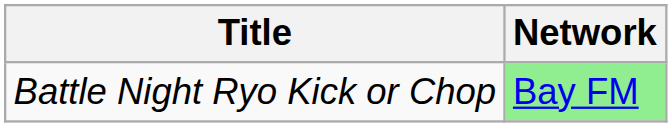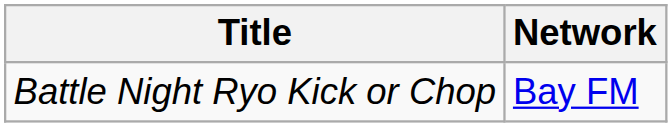 <table class="wikitable">
 <tr>
 <th>Title</th>
 <th>Network</th>
 </tr>
 <tr>
 <td><em>Battle Night Ryo Kick or Chop</em></td>
-<td style="background: lightgreen;"><a href='#'>Bay FM</a></td>
+<td><a href='#'>Bay FM</a></td>
 </tr>
 </table>
